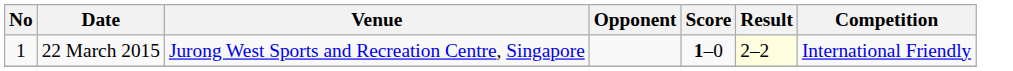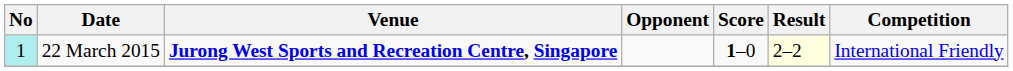 <table class="wikitable">
 <tr>
 <th>No</th>
 <th>Date</th>
 <th>Venue</th>
 <th>Opponent</th>
 <th>Score</th>
 <th>Result</th>
 <th>Competition</th>
 </tr>
 <tr>
-<td align=center>1</td>
+<td align=center style="background: paleturquoise;">1</td>
 <td>22 March 2015</td>
-<td><a href='#'>Jurong West Sports and Recreation Centre</a>, <a href='#'>Singapore</a></td>
+<td><strong><a href='#'>Jurong West Sports and Recreation Centre</a>, <a href='#'>Singapore</a></strong></td>
 <td></td>
 <td align=center><strong>1</strong>–0</td>
 <td style="background: lightyellow;">2–2</td>
 <td><a href='#'>International Friendly</a></td>
 </tr>
 <tr>
 </tr>
 </table>
